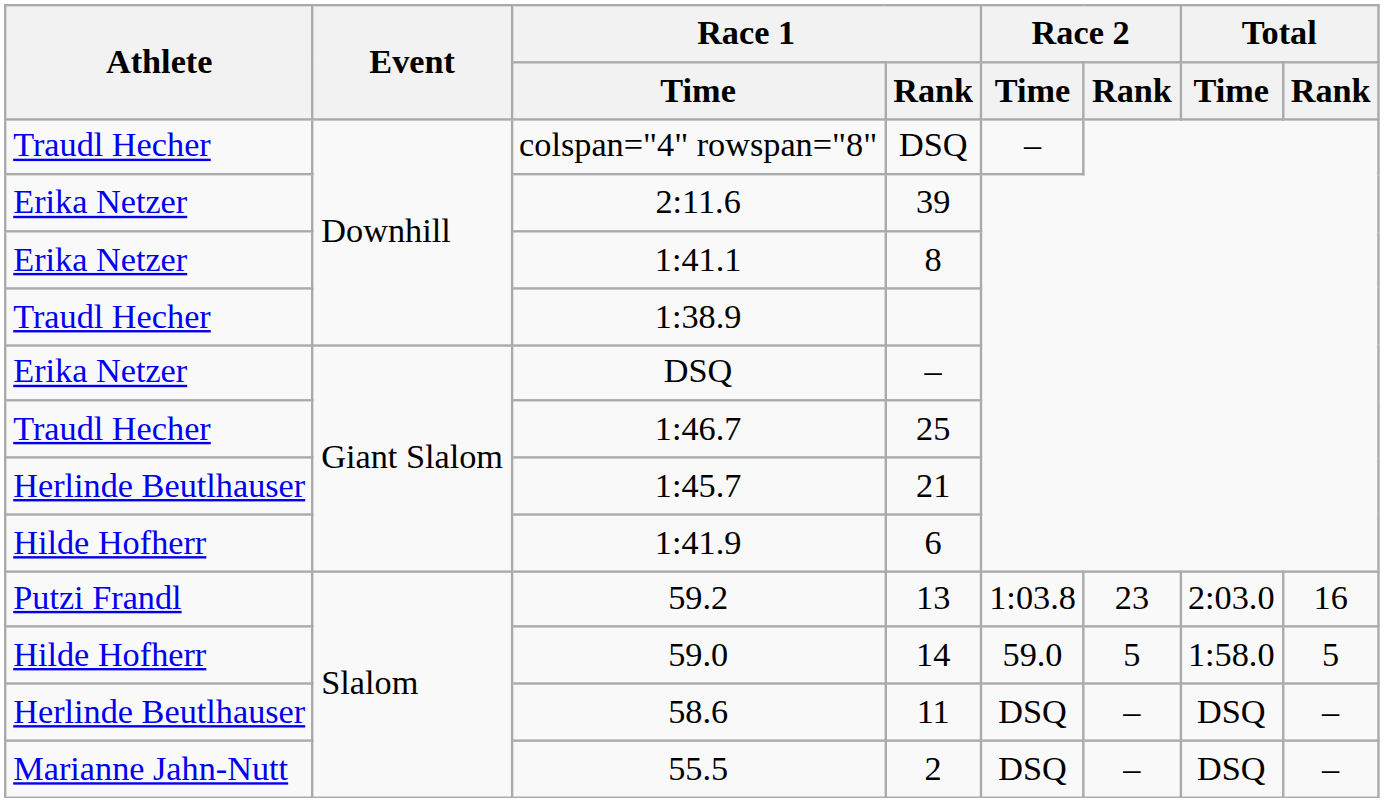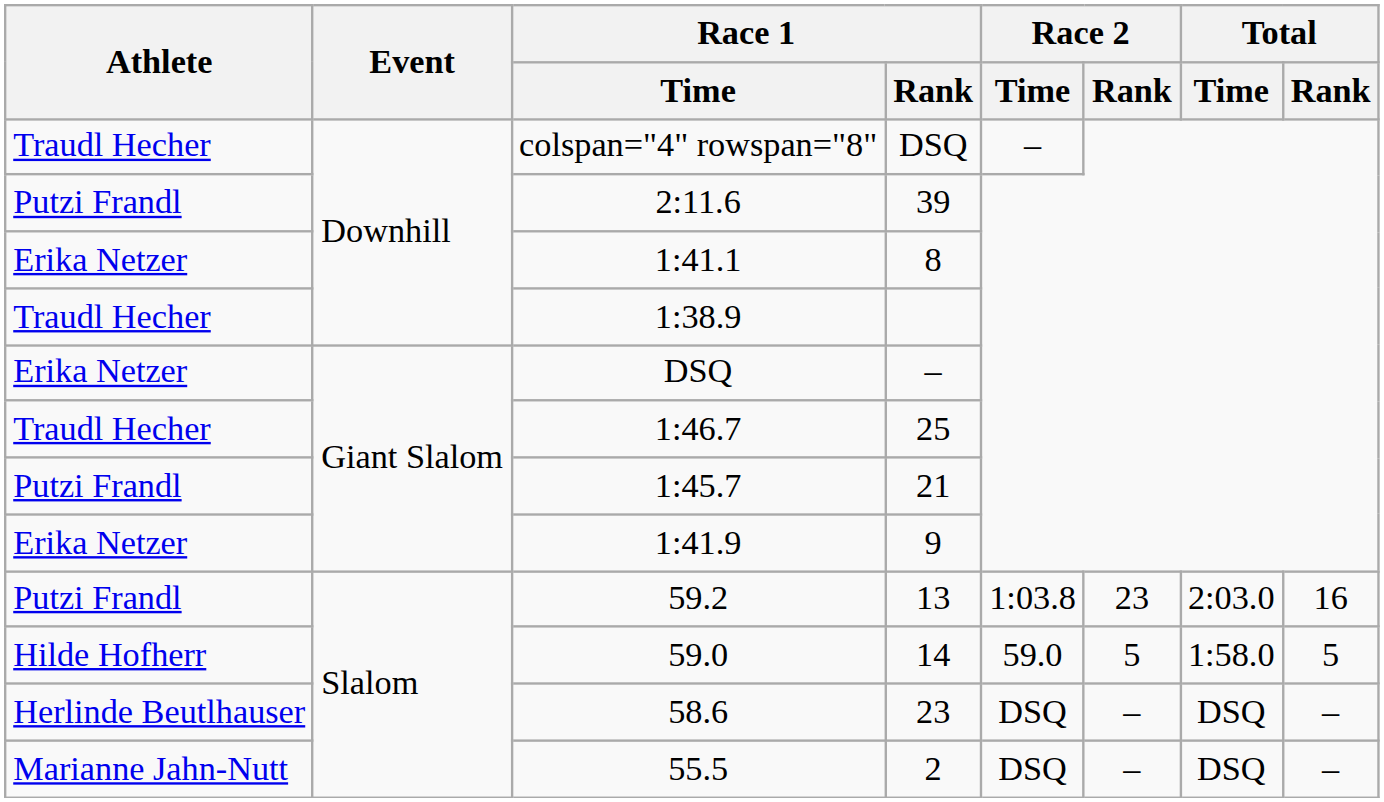 <table class="wikitable" style="font-size:90%">
 <tr>
 <th rowspan="2">Athlete</th>
 <th rowspan="2">Event</th>
 <th colspan="2">Race 1</th>
 <th colspan="2">Race 2</th>
 <th colspan="2">Total</th>
 </tr>
 <tr>
 <th>Time</th>
 <th>Rank</th>
 <th>Time</th>
 <th>Rank</th>
 <th>Time</th>
 <th>Rank</th>
 </tr>
 <tr>
 <td><a href='#'>Traudl Hecher</a></td>
 <td rowspan="4">Downhill</td>
 <td>colspan="4" rowspan="8" </td>
 <td align="center">DSQ</td>
 <td align="center">–</td>
 </tr>
 <tr>
-<td><a href='#'>Erika Netzer</a></td>
+<td><a href='#'>Putzi Frandl</a></td>
 <td align="center">2:11.6</td>
 <td align="center">39</td>
 </tr>
 <tr>
 <td><a href='#'>Erika Netzer</a></td>
 <td align="center">1:41.1</td>
 <td align="center">8</td>
 </tr>
 <tr>
 <td><a href='#'>Traudl Hecher</a></td>
 <td align="center">1:38.9</td>
 <td align="center"></td>
 </tr>
 <tr>
 <td><a href='#'>Erika Netzer</a></td>
 <td rowspan="4">Giant Slalom</td>
 <td align="center">DSQ</td>
 <td align="center">–</td>
 </tr>
 <tr>
 <td><a href='#'>Traudl Hecher</a></td>
 <td align="center">1:46.7</td>
 <td align="center">25</td>
 </tr>
 <tr>
-<td><a href='#'>Herlinde Beutlhauser</a></td>
+<td><a href='#'>Putzi Frandl</a></td>
 <td align="center">1:45.7</td>
 <td align="center">21</td>
 </tr>
 <tr>
-<td><a href='#'>Hilde Hofherr</a></td>
+<td><a href='#'>Erika Netzer</a></td>
 <td align="center">1:41.9</td>
-<td align="center">6</td>
+<td align="center">9</td>
 </tr>
 <tr>
 <td><a href='#'>Putzi Frandl</a></td>
 <td rowspan="4">Slalom</td>
 <td align="center">59.2</td>
 <td align="center">13</td>
 <td align="center">1:03.8</td>
 <td align="center">23</td>
 <td align="center">2:03.0</td>
 <td align="center">16</td>
 </tr>
 <tr>
 <td><a href='#'>Hilde Hofherr</a></td>
 <td align="center">59.0</td>
 <td align="center">14</td>
 <td align="center">59.0</td>
 <td align="center">5</td>
 <td align="center">1:58.0</td>
 <td align="center">5</td>
 </tr>
 <tr>
 <td><a href='#'>Herlinde Beutlhauser</a></td>
 <td align="center">58.6</td>
-<td align="center">11</td>
+<td align="center">23</td>
 <td align="center">DSQ</td>
 <td align="center">–</td>
 <td align="center">DSQ</td>
 <td align="center">–</td>
 </tr>
 <tr>
 <td><a href='#'>Marianne Jahn-Nutt</a></td>
 <td align="center">55.5</td>
 <td align="center">2</td>
 <td align="center">DSQ</td>
 <td align="center">–</td>
 <td align="center">DSQ</td>
 <td align="center">–</td>
 </tr>
 </table>
